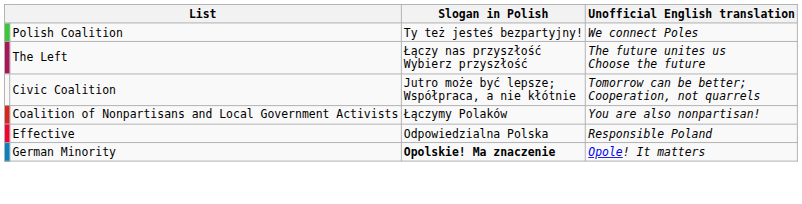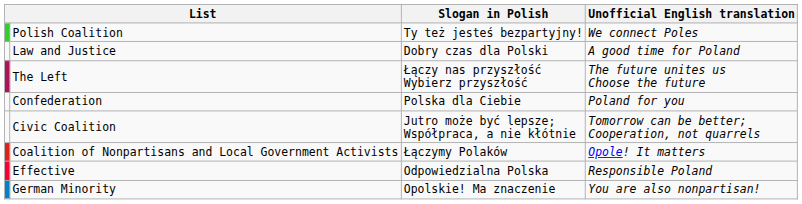 <table class="wikitable sortable">
 <tr>
 <th colspan=2>List</th>
 <th>Slogan in Polish</th>
 <th>Unofficial English translation</th>
 </tr>
 <tr>
 <td style="background:#32CD32;"></td>
 <td>Polish Coalition</td>
 <td>Ty też jesteś bezpartyjny!</td>
 <td><em>We connect Poles</em></td>
 </tr>
 <tr>
+<td style="background:"></td>
+<td>Law and Justice</td>
+<td>Dobry czas dla Polski</td>
+<td><em>A good time for Poland</em></td>
+</tr>
+<tr>
 <td style="background:#AC145A;"></td>
 <td>The Left</td>
 <td>Łączy nas przyszłość<br>Wybierz przyszłość</td>
 <td><em>The future unites us</em><br><em>Choose the future</em></td>
+</tr>
+<tr>
+<td style="background:"></td>
+<td>Confederation</td>
+<td>Polska dla Ciebie</td>
+<td><em>Poland for you</em></td>
 </tr>
 <tr>
 <td style="background:"></td>
 <td>Civic Coalition</td>
 <td>Jutro może być lepsze;<br>Współpraca, a nie kłótnie</td>
 <td><em>Tomorrow can be better;<br>Cooperation, not quarrels</em></td>
 </tr>
 <tr>
 <td style="background:#DA251D;"></td>
 <td>Coalition of Nonpartisans and Local Government Activists</td>
 <td>Łączymy Polaków</td>
-<td><em>You are also nonpartisan!</em></td>
+<td><em><a href='#'>Opole</a>! It matters</em></td>
 </tr>
 <tr>
 <td style="background:#FA0032;"></td>
 <td>Effective</td>
 <td>Odpowiedzialna Polska</td>
 <td><em>Responsible Poland</em></td>
 </tr>
 <tr>
 <td style="background:#0780C4;"></td>
 <td>German Minority</td>
-<td><strong>Opolskie! Ma znaczenie</strong></td>
-<td><em><a href='#'>Opole</a>! It matters</em></td>
+<td>Opolskie! Ma znaczenie</td>
+<td><em>You are also nonpartisan!</em></td>
 </tr>
 </table>
